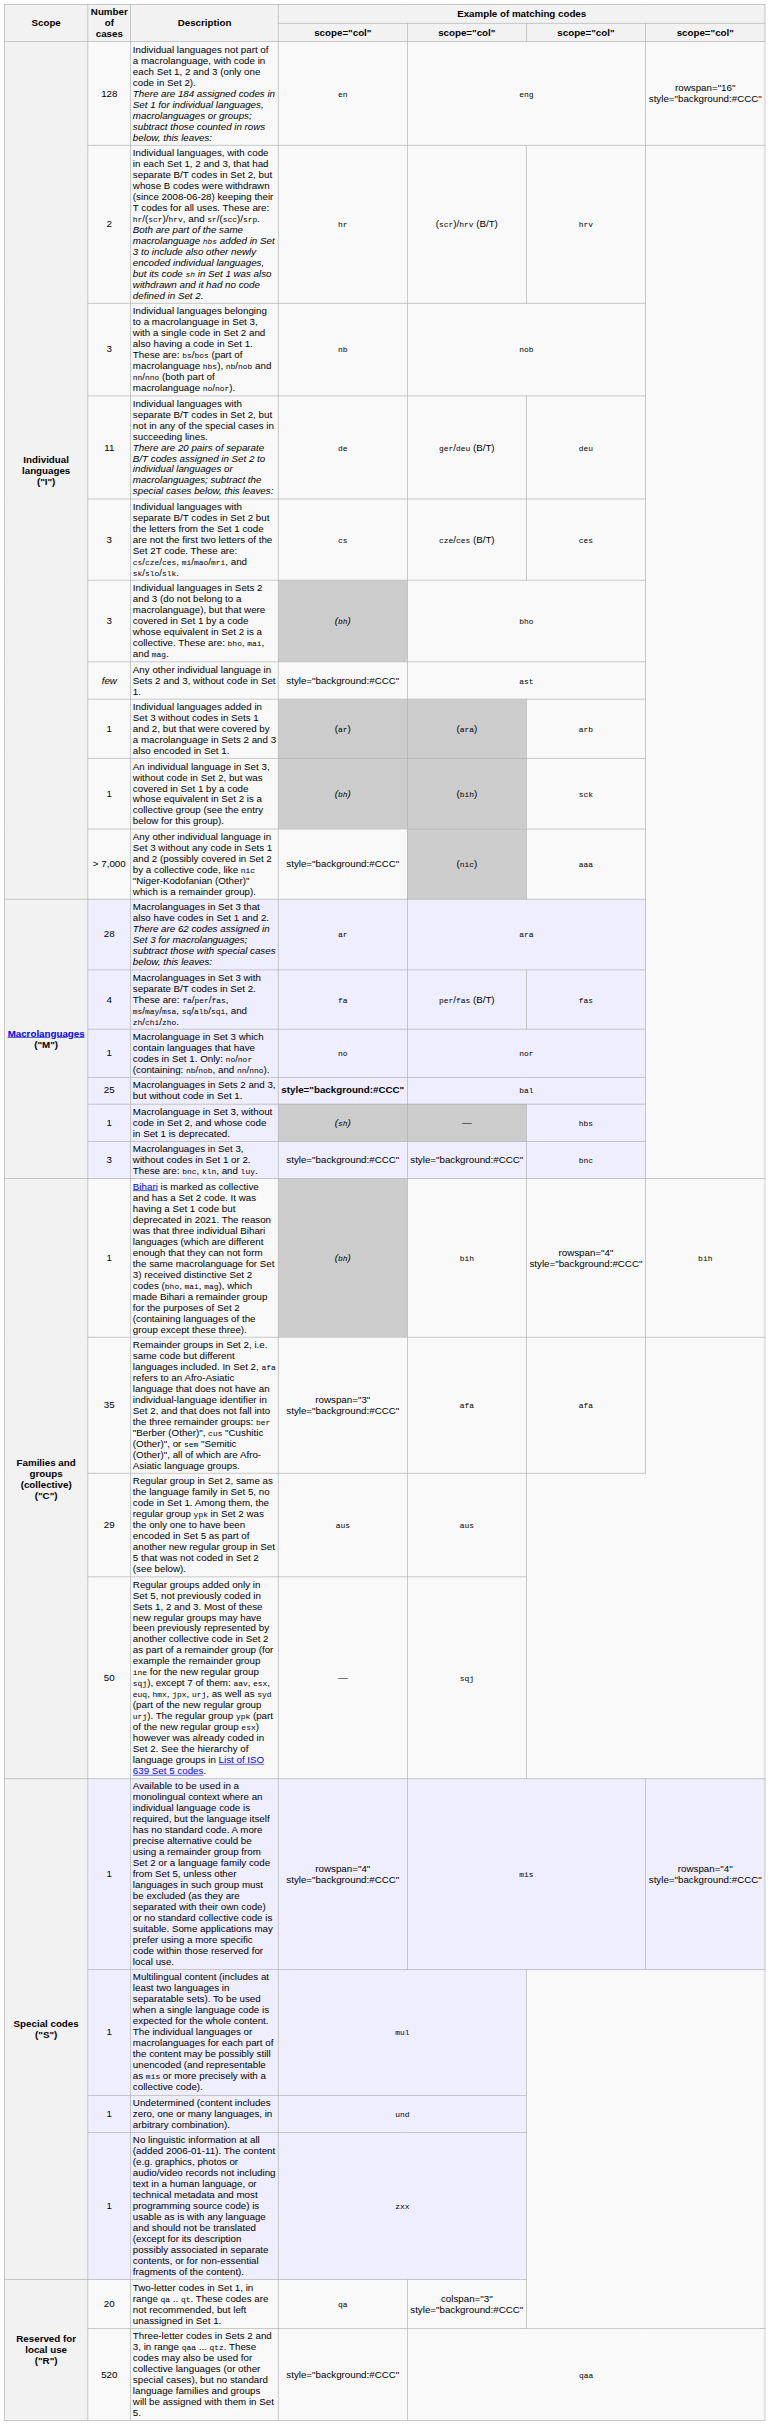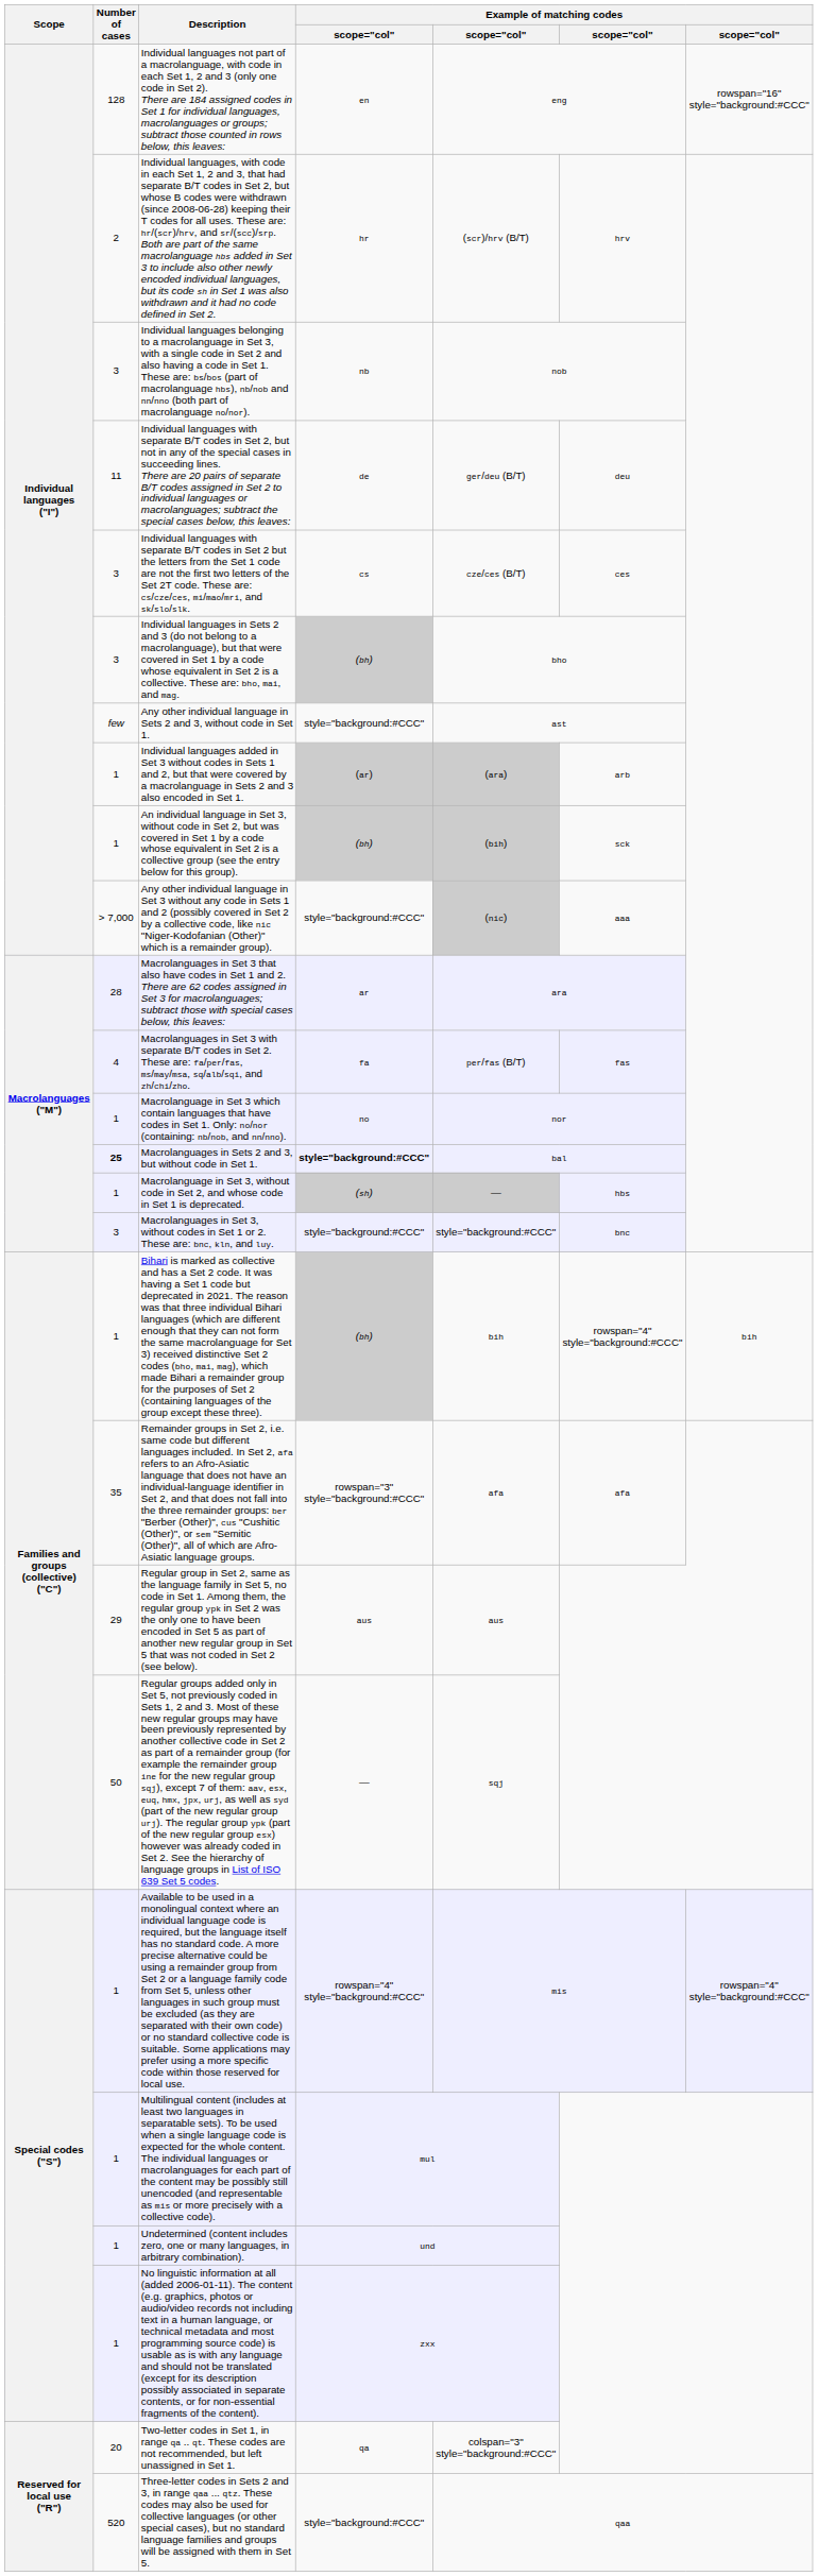 <table class="wikitable sortable sort-under" style="text-align:center">
 <tr>
 <th scope="col" rowspan="2">Scope</th>
 <th scope="col" rowspan="2">Number of cases</th>
 <th scope="col" rowspan="2">Description</th>
 <th scope="col" colspan="4">Example of matching codes</th>
 </tr>
 <tr>
 <th>scope="col" </th>
 <th>scope="col" </th>
 <th>scope="col" </th>
 <th>scope="col" </th>
 </tr>
 <tr>
 <th scope="row" rowspan="10">Individual languages<br> ("I")</th>
 <td>128</td>
 <td style="text-align:left">Individual languages not part of a macrolanguage, with code in each Set 1, 2 and 3 (only one code in Set 2).<br> <em>There are 184 assigned codes in Set 1 for individual languages, macrolanguages or groups; subtract those counted in rows below, this leaves:</em> </td>
 <td><code>en</code></td>
 <td colspan="2"><code>eng</code></td>
 <td>rowspan="16" style="background:#CCC" </td>
 </tr>
 <tr>
 <td>2</td>
 <td style="text-align:left">Individual languages, with code in each Set 1, 2 and 3, that had separate B/T codes in Set 2, but whose B codes were withdrawn (since 2008-06-28) keeping their T codes for all uses. These are: <code>hr</code>/(<code>scr</code>)/<code>hrv</code>, and <code>sr</code>/(<code>scc</code>)/<code>srp</code>.<br> <em>Both are part of the same macrolanguage <code>hbs</code> added in Set 3 to include also other newly encoded individual languages, but its code <code>sh</code> in Set 1 was also withdrawn and it had no code defined in Set 2.</em></td>
 <td><code>hr</code></td>
 <td>(<code>scr</code>)/<code>hrv</code> (B/T)</td>
 <td><code>hrv</code></td>
 </tr>
 <tr>
 <td>3</td>
 <td style="text-align:left">Individual languages belonging to a macrolanguage in Set 3, with a single code in Set 2 and also having a code in Set 1. These are: <code>bs</code>/<code>bos</code> (part of macrolanguage <code>hbs</code>), <code>nb</code>/<code>nob</code> and <code>nn</code>/<code>nno</code> (both part of macrolanguage <code>no</code>/<code>nor</code>).</td>
 <td><code>nb</code></td>
 <td colspan="2"><code>nob</code></td>
 </tr>
 <tr>
 <td>11</td>
 <td style="text-align:left">Individual languages with separate B/T codes in Set 2, but not in any of the special cases in succeeding lines.<br> <em>There are 20 pairs of separate B/T codes assigned in Set 2 to individual languages or macrolanguages; subtract the special cases below, this leaves:</em> </td>
 <td><code>de</code></td>
 <td><code>ger</code>/<code>deu</code> (B/T)</td>
 <td><code>deu</code></td>
 </tr>
 <tr>
 <td>3</td>
 <td style="text-align:left">Individual languages with separate B/T codes in Set 2 but the letters from the Set 1 code are not the first two letters of the Set 2T code. These are: <code>cs</code>/<code>cze</code>/<code>ces</code>, <code>mi</code>/<code>mao</code>/<code>mri</code>, and <code>sk</code>/<code>slo</code>/<code>slk</code>.</td>
 <td><code>cs</code></td>
 <td><code>cze</code>/<code>ces</code> (B/T)</td>
 <td><code>ces</code></td>
 </tr>
 <tr>
 <td>3</td>
 <td style="text-align:left">Individual languages in Sets 2 and 3 (do not belong to a macrolanguage), but that were covered in Set 1 by a code whose equivalent in Set 2 is a collective. These are: <code>bho</code>, <code>mai</code>, and <code>mag</code>.</td>
 <td style="background:#CCC"><em>(<code>bh</code>)</em></td>
 <td colspan="2"><code>bho</code></td>
 </tr>
 <tr>
 <td><em>few</em></td>
 <td style="text-align:left">Any other individual language in Sets 2 and 3, without code in Set 1.</td>
 <td>style="background:#CCC" </td>
 <td colspan="2"><code>ast</code></td>
 </tr>
 <tr>
 <td>1</td>
 <td style="text-align:left">Individual languages added in Set 3 without codes in Sets 1 and 2, but that were covered by a macrolanguage in Sets 2 and 3 also encoded in Set 1.</td>
 <td style="background:#CCC">(<code>ar</code>)</td>
 <td style="background:#CCC">(<code>ara</code>)</td>
 <td><code>arb</code></td>
 </tr>
 <tr>
 <td>1</td>
 <td style="text-align:left">An individual language in Set 3, without code in Set 2, but was covered in Set 1 by a code whose equivalent in Set 2 is a collective group (see the entry below for this group).</td>
 <td style="background:#CCC"><em>(<code>bh</code>)</em></td>
 <td style="background:#CCC">(<code>bih</code>)</td>
 <td><code>sck</code></td>
 </tr>
 <tr>
 <td>> 7,000</td>
 <td style="text-align:left">Any other individual language in Set 3 without any code in Sets 1 and 2 (possibly covered in Set 2 by a collective code, like <code>nic</code> "Niger-Kodofanian (Other)" which is a remainder group).</td>
 <td>style="background:#CCC" </td>
 <td style="background:#CCC">(<code>nic</code>)</td>
 <td><code>aaa</code></td>
 </tr>
 <tr style="background:#EEF">
 <th scope="row" rowspan="6"><a href='#'>Macrolanguages</a><br> ("M")</th>
 <td>28</td>
 <td style="text-align:left">Macrolanguages in Set 3 that also have codes in Set 1 and 2.<br> <em>There are 62 codes assigned in Set 3 for macrolanguages; subtract those with special cases below, this leaves:</em> </td>
 <td><code>ar</code></td>
 <td colspan="2"><code>ara</code></td>
 </tr>
 <tr style="background:#EEF">
 <td>4</td>
 <td style="text-align:left">Macrolanguages in Set 3 with separate B/T codes in Set 2. These are: <code>fa</code>/<code>per</code>/<code>fas</code>, <code>ms</code>/<code>may</code>/<code>msa</code>, <code>sq</code>/<code>alb</code>/<code>sqi</code>, and <code>zh</code>/<code>chi</code>/<code>zho</code>.</td>
 <td><code>fa</code></td>
 <td><code>per</code>/<code>fas</code> (B/T)</td>
 <td><code>fas</code></td>
 </tr>
 <tr style="background:#EEF">
 <td>1</td>
 <td style="text-align:left">Macrolanguage in Set 3 which contain languages that have codes in Set 1. Only: <code>no</code>/<code>nor</code> (containing: <code>nb</code>/<code>nob</code>, and <code>nn</code>/<code>nno</code>).</td>
 <td><code>no</code></td>
 <td colspan="2"><code>nor</code></td>
 </tr>
 <tr style="background:#EEF">
-<td>25</td>
+<td><strong>25</strong></td>
 <td style="text-align:left">Macrolanguages in Sets 2 and 3, but without code in Set 1.</td>
 <td><strong>style="background:#CCC" </strong></td>
 <td colspan="2"><code>bal</code></td>
 </tr>
 <tr style="background:#EEF">
 <td>1</td>
 <td style="text-align:left">Macrolanguage in Set 3, without code in Set 2, and whose code in Set 1 is deprecated.</td>
 <td style="background:#CCC"><em>(<code>sh</code>)</em></td>
 <td style="background:#CCC">—</td>
 <td><code>hbs</code></td>
 </tr>
 <tr style="background:#EEF">
 <td>3</td>
 <td style="text-align:left">Macrolanguages in Set 3, without codes in Set 1 or 2. These are: <code>bnc</code>, <code>kln</code>, and <code>luy</code>.</td>
 <td>style="background:#CCC" </td>
 <td>style="background:#CCC" </td>
 <td><code>bnc</code></td>
 </tr>
 <tr>
 <th scope="row" rowspan="4">Families and groups (collective)<br> ("C")</th>
 <td>1</td>
 <td style="text-align:left"><a href='#'>Bihari</a> is marked as collective and has a Set 2 code. It was having a Set 1 code but deprecated in 2021. The reason was that three individual Bihari languages (which are different enough that they can not form the same macrolanguage for Set 3) received distinctive Set 2 codes (<code>bho</code>, <code>mai</code>, <code>mag</code>), which made Bihari a remainder group for the purposes of Set 2 (containing languages of the group except these three).</td>
 <td style="background:#CCC"><em>(<code>bh</code>)</em></td>
 <td><code>bih</code></td>
 <td>rowspan="4" style="background:#CCC" </td>
 <td><code>bih</code></td>
 </tr>
 <tr>
 <td>35</td>
 <td style="text-align:left">Remainder groups in Set 2, i.e. same code but different languages included. In Set 2, <code>afa</code> refers to an Afro-Asiatic language that does not have an individual-language identifier in Set 2, and that does not fall into the three remainder groups: <code>ber</code> "Berber (Other)", <code>cus</code> "Cushitic (Other)", or <code>sem</code> "Semitic (Other)", all of which are Afro-Asiatic language groups.</td>
 <td>rowspan="3" style="background:#CCC" </td>
 <td><code>afa</code></td>
 <td><code>afa</code></td>
 </tr>
 <tr>
 <td>29</td>
 <td style="text-align:left">Regular group in Set 2, same as the language family in Set 5, no code in Set 1. Among them, the regular group <code>ypk</code> in Set 2 was the only one to have been encoded in Set 5 as part of another new regular group in Set 5 that was not coded in Set 2 (see below).</td>
 <td><code>aus</code></td>
 <td><code>aus</code></td>
 </tr>
 <tr>
 <td>50</td>
 <td style="text-align:left">Regular groups added only in Set 5, not previously coded in Sets 1, 2 and 3. Most of these new regular groups may have been previously represented by another collective code in Set 2 as part of a remainder group (for example the remainder group <code>ine</code> for the new regular group <code>sqj</code>), except 7 of them: <code>aav</code>, <code>esx</code>, <code>euq</code>, <code>hmx</code>, <code>jpx</code>, <code>urj</code>, as well as <code>syd</code> (part of the new regular group <code>urj</code>). The regular group <code>ypk</code> (part of the new regular group <code>esx</code>) however was already coded in Set 2. See the hierarchy of language groups in <a href='#'>List of ISO 639 Set 5 codes</a>.</td>
 <td>—</td>
 <td><code>sqj</code></td>
 </tr>
 <tr style="background:#EEF">
 <th scope="row" rowspan="4">Special codes<br> ("S")</th>
 <td>1</td>
 <td style="text-align:left">Available to be used in a monolingual context where an individual language code is required, but the language itself has no standard code. A more precise alternative could be using a remainder group from Set 2 or a language family code from Set 5, unless other languages in such group must be excluded (as they are separated with their own code) or no standard collective code is suitable. Some applications may prefer using a more specific code within those reserved for local use.</td>
 <td>rowspan="4" style="background:#CCC" </td>
 <td colspan="2"><code>mis</code></td>
 <td>rowspan="4" style="background:#CCC" </td>
 </tr>
 <tr style="background:#EEF">
 <td>1</td>
 <td style="text-align:left">Multilingual content (includes at least two languages in separatable sets). To be used when a single language code is expected for the whole content. The individual languages or macrolanguages for each part of the content may be possibly still unencoded (and representable as <code>mis</code> or more precisely with a collective code).</td>
 <td colspan="2"><code>mul</code></td>
 </tr>
 <tr style="background:#EEF">
 <td>1</td>
 <td style="text-align:left">Undetermined (content includes zero, one or many languages, in arbitrary combination).</td>
 <td colspan="2"><code>und</code></td>
 </tr>
 <tr style="background:#EEF">
 <td>1</td>
 <td style="text-align:left">No linguistic information at all (added 2006-01-11). The content (e.g. graphics, photos or audio/video records not including text in a human language, or technical metadata and most programming source code) is usable as is with any language and should not be translated (except for its description possibly associated in separate contents, or for non-essential fragments of the content).</td>
 <td colspan="2"><code>zxx</code></td>
 </tr>
 <tr>
 <th scope="row" rowspan="2">Reserved for local use<br> ("R")</th>
 <td>20</td>
 <td style="text-align:left">Two-letter codes in Set 1, in range <code>qa</code> .. <code>qt</code>. These codes are not recommended, but left unassigned in Set 1.</td>
 <td><code>qa</code></td>
 <td>colspan="3" style="background:#CCC" </td>
 </tr>
 <tr>
 <td>520</td>
 <td style="text-align:left">Three-letter codes in Sets 2 and 3, in range <code>qaa</code> ... <code>qtz</code>. These codes may also be used for collective languages (or other special cases), but no standard language families and groups will be assigned with them in Set 5.</td>
 <td>style="background:#CCC" </td>
 <td colspan="3"><code>qaa</code></td>
 </tr>
 </table>
